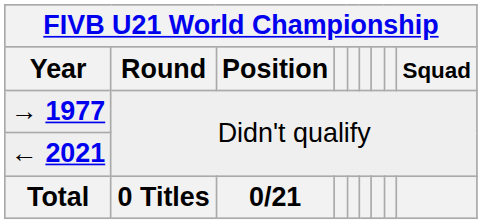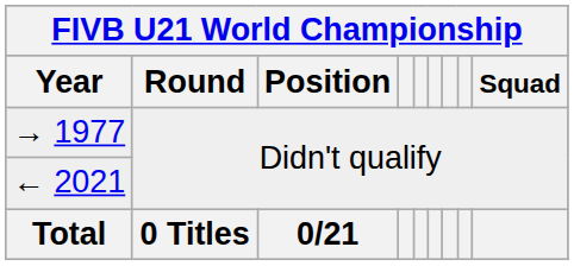 <table class="wikitable" style="text-align: center;">
 <tr>
 <th colspan=9><a href='#'>FIVB U21 World Championship</a></th>
 </tr>
 <tr>
 <th>Year</th>
 <th>Round</th>
 <th>Position</th>
 <th></th>
 <th></th>
 <th></th>
 <th></th>
 <th></th>
 <th><small>Squad</small></th>
 </tr>
 <tr bgcolor="efefef">
-<td><strong> → <a href='#'>1977</a></strong></td>
+<td> → <a href='#'>1977</a></td>
 <td colspan=9 rowspan=2>Didn't qualify</td>
 </tr>
 <tr bgcolor="efefef">
-<td><strong>  ← <a href='#'>2021</a></strong></td>
+<td>  ← <a href='#'>2021</a></td>
 </tr>
 <tr>
 <th>Total</th>
 <th>0 Titles</th>
 <th>0/21</th>
 <th></th>
 <th></th>
 <th></th>
 <th></th>
 <th></th>
 <th></th>
 </tr>
 </table>
